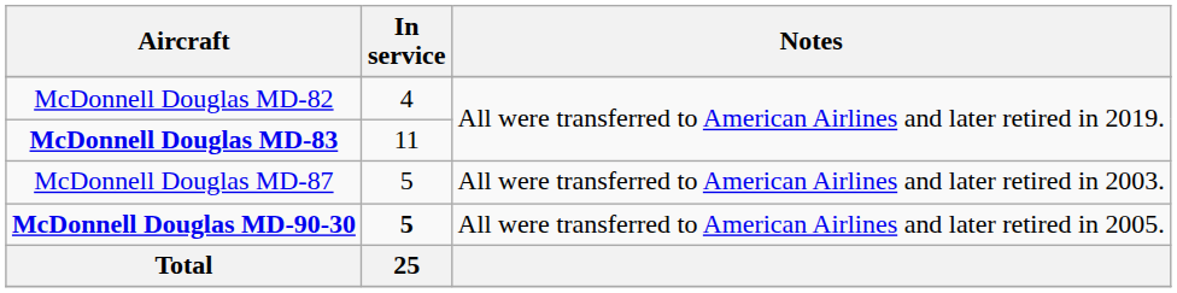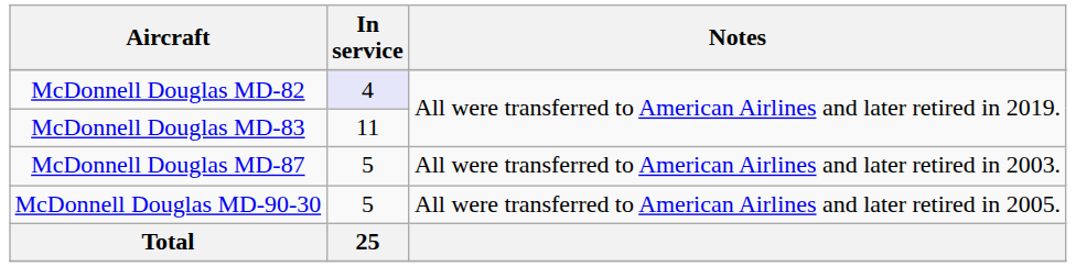 <table class="wikitable" style="margin:0.5em auto; text-align:center">
 <tr>
 <th>Aircraft</th>
 <th>In<br>service</th>
 <th>Notes</th>
 </tr>
 <tr>
 </tr>
 <tr>
 <td><a href='#'>McDonnell Douglas MD-82</a></td>
-<td>4</td>
+<td style="background: lavender;">4</td>
 <td rowspan=2>All were transferred to <a href='#'>American Airlines</a> and later retired in 2019.</td>
 </tr>
 <tr>
-<td><strong><a href='#'>McDonnell Douglas MD-83</a></strong></td>
+<td><a href='#'>McDonnell Douglas MD-83</a></td>
 <td>11</td>
 </tr>
 <tr>
 <td><a href='#'>McDonnell Douglas MD-87</a></td>
 <td>5</td>
 <td>All were transferred to <a href='#'>American Airlines</a> and later retired in 2003.</td>
 </tr>
 <tr>
-<td><strong><a href='#'>McDonnell Douglas MD-90-30</a></strong></td>
-<td><strong>5</strong></td>
+<td><a href='#'>McDonnell Douglas MD-90-30</a></td>
+<td>5</td>
 <td>All were transferred to <a href='#'>American Airlines</a> and later retired in 2005.</td>
 </tr>
 <tr>
 <th>Total</th>
 <th>25</th>
 <th colspan=3></th>
 </tr>
 <tr>
 </tr>
 </table>
